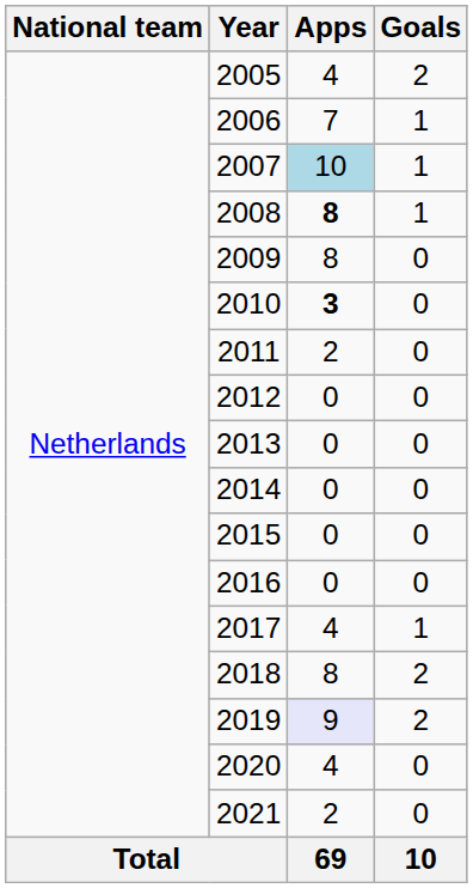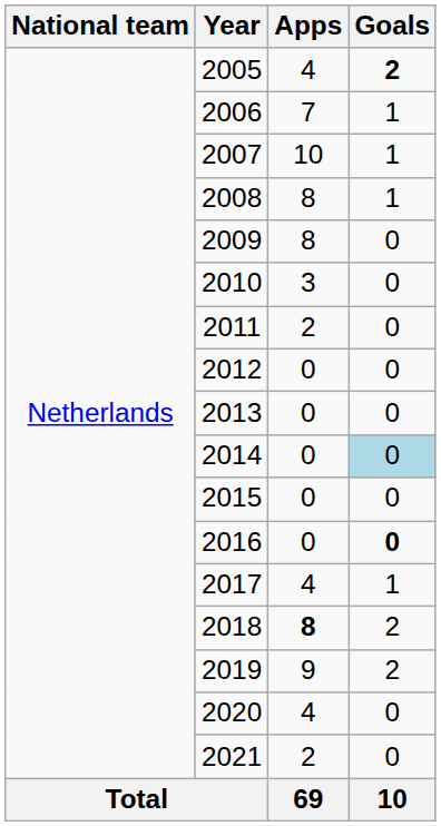 <table class="wikitable" style="text-align:center">
 <tr>
 <th>National team</th>
 <th>Year</th>
 <th>Apps</th>
 <th>Goals</th>
 </tr>
 <tr>
 <td rowspan="17"><a href='#'>Netherlands</a></td>
 <td>2005</td>
 <td>4</td>
-<td>2</td>
+<td><strong>2</strong></td>
 </tr>
 <tr>
 <td>2006</td>
 <td>7</td>
 <td>1</td>
 </tr>
 <tr>
 <td>2007</td>
-<td style="background: lightblue;">10</td>
+<td>10</td>
 <td>1</td>
 </tr>
 <tr>
 <td>2008</td>
-<td><strong>8</strong></td>
+<td>8</td>
 <td>1</td>
 </tr>
 <tr>
 <td>2009</td>
 <td>8</td>
 <td>0</td>
 </tr>
 <tr>
 <td>2010</td>
-<td><strong>3</strong></td>
+<td>3</td>
 <td>0</td>
 </tr>
 <tr>
 <td>2011</td>
 <td>2</td>
 <td>0</td>
 </tr>
 <tr>
 <td>2012</td>
 <td>0</td>
 <td>0</td>
 </tr>
 <tr>
 <td>2013</td>
 <td>0</td>
 <td>0</td>
 </tr>
 <tr>
 <td>2014</td>
 <td>0</td>
-<td>0</td>
+<td style="background: lightblue;">0</td>
 </tr>
 <tr>
 <td>2015</td>
 <td>0</td>
 <td>0</td>
 </tr>
 <tr>
 <td>2016</td>
 <td>0</td>
-<td>0</td>
+<td><strong>0</strong></td>
 </tr>
 <tr>
 <td>2017</td>
 <td>4</td>
 <td>1</td>
 </tr>
 <tr>
 <td>2018</td>
-<td>8</td>
+<td><strong>8</strong></td>
 <td>2</td>
 </tr>
 <tr>
 <td>2019</td>
-<td style="background: lavender;">9</td>
+<td>9</td>
 <td>2</td>
 </tr>
 <tr>
 <td>2020</td>
 <td>4</td>
 <td>0</td>
 </tr>
 <tr>
 <td>2021</td>
 <td>2</td>
 <td>0</td>
 </tr>
 <tr>
 <th colspan="2">Total</th>
 <th>69</th>
 <th>10</th>
 </tr>
 </table>
